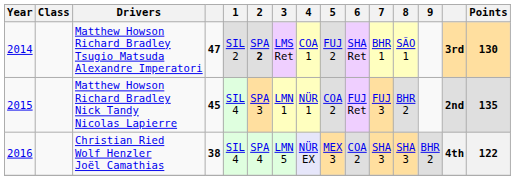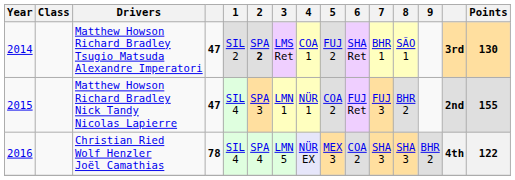 <table class="wikitable" style="text-align:center; font-size:85%">
 <tr>
 <th>Year</th>
 <th>Class</th>
 <th>Drivers</th>
 <th></th>
 <th>1</th>
 <th>2</th>
 <th>3</th>
 <th>4</th>
 <th>5</th>
 <th>6</th>
 <th>7</th>
 <th>8</th>
 <th>9</th>
 <th></th>
 <th>Points</th>
 </tr>
 <tr>
 <td><a href='#'>2014</a></td>
 <td></td>
 <td align="left" style="border-left:0px"> <a href='#'>Matthew Howson</a><br>  <a href='#'>Richard Bradley</a><br> <a href='#'>Tsugio Matsuda</a><br> <a href='#'>Alexandre Imperatori</a></td>
 <td><strong>47</strong></td>
 <td style="background:#DFDFDF;"><a href='#'>SIL</a> <br>2</td>
 <td style="background:#DFDFDF;"><a href='#'>SPA</a> <br><strong>2</strong></td>
 <td style="background:#EFCFFF;"><a href='#'>LMS</a> <br>Ret</td>
 <td style="background:#FFFFBF;"><a href='#'>COA</a> <br>1</td>
 <td style="background:#DFDFDF;"><a href='#'>FUJ</a> <br>2</td>
 <td style="background:#EFCFFF;"><a href='#'>SHA</a> <br>Ret</td>
 <td style="background:#FFFFBF;"><a href='#'>BHR</a> <br>1</td>
 <td style="background:#FFFFBF;"><a href='#'>SÃO</a> <br>1</td>
 <td></td>
 <td style="background:#FFDF9F"><strong>3rd</strong></td>
 <td style="background:#FFDF9F"><strong>130</strong></td>
 </tr>
 <tr>
 <td><a href='#'>2015</a></td>
 <td></td>
 <td align="left" style="border-left:0px"> <a href='#'>Matthew Howson</a><br>  <a href='#'>Richard Bradley</a><br> <a href='#'>Nick Tandy</a><br> <a href='#'>Nicolas Lapierre</a></td>
-<td><strong>45</strong></td>
+<td><strong>47</strong></td>
 <td style="background:#DFFFDF;"><a href='#'>SIL</a><br>4</td>
 <td style="background:#FFDF9F"><a href='#'>SPA</a> <br>3</td>
 <td style="background:#FFFFBF"><a href='#'>LMN</a><br>1</td>
 <td style="background:#FFFFBF"><a href='#'>NÜR</a><br>1</td>
 <td style="background:#DFDFDF"><a href='#'>COA</a><br>2</td>
 <td style="background:#EFCFFF;"><a href='#'>FUJ</a><br>Ret</td>
 <td style="background:#FFDF9F"><a href='#'>FUJ</a><br>3</td>
 <td style="background:#DFDFDF"><a href='#'>BHR</a><br>2</td>
 <td></td>
 <td style="background:#DFDFDF"><strong>2nd</strong></td>
-<td style="background:#DFDFDF"><strong>135</strong></td>
+<td style="background:#DFDFDF"><strong>155</strong></td>
 </tr>
 <tr>
 <td><a href='#'>2016</a></td>
 <td></td>
 <td align="left" style="border-left:0px"> <a href='#'>Christian Ried</a><br> <a href='#'>Wolf Henzler</a><br> <a href='#'>Joël Camathias</a></td>
-<td><strong>38</strong></td>
+<td><strong>78</strong></td>
 <td style="background:#DFFFDF;"><a href='#'>SIL</a><br>4</td>
 <td style="background:#DFFFDF;"><a href='#'>SPA</a> <br>4</td>
 <td style="background:#DFFFDF;"><a href='#'>LMN</a><br>5</td>
 <td style="background: lavender;"><a href='#'>NÜR</a><br>EX</td>
 <td style="background:#FFDF9F"><a href='#'>MEX</a><br>3</td>
 <td style="background:#DFDFDF"><a href='#'>COA</a><br>2</td>
 <td style="background:#FFDF9F"><a href='#'>SHA</a><br>3</td>
 <td style="background:#FFDF9F"><a href='#'>SHA</a><br>3</td>
 <td style="background:#DFDFDF"><a href='#'>BHR</a><br>2</td>
 <th>4th</th>
 <th>122</th>
 </tr>
 <tr>
 </tr>
 </table>
